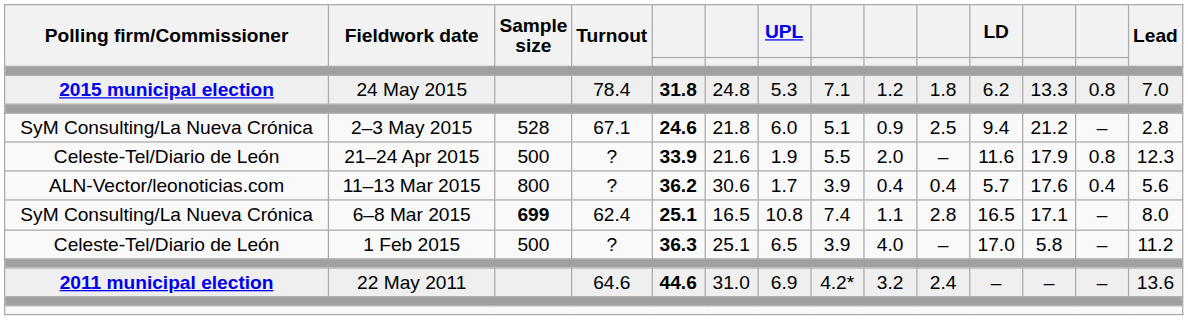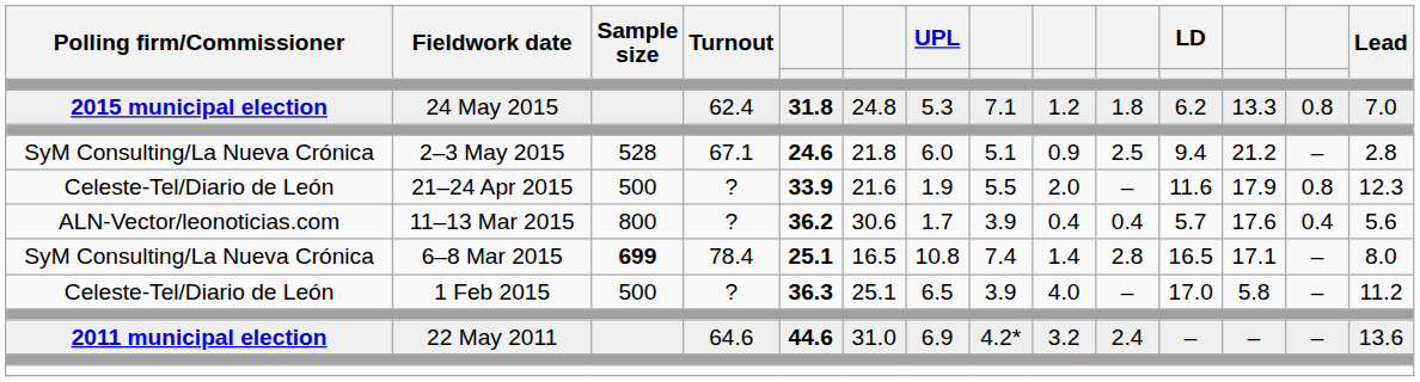 <table class="wikitable collapsible collapsed" style="text-align:center; font-size:95%; line-height:16px;">
 <tr style="height:42px;">
 <th style="width:250px;" rowspan="2">Polling firm/Commissioner</th>
 <th style="width:125px;" rowspan="2">Fieldwork date</th>
 <th style="width:50px;" rowspan="2">Sample size</th>
 <th style="width:45px;" rowspan="2">Turnout</th>
 <th style="width:35px;"></th>
 <th style="width:35px;"></th>
 <th style="width:35px;"><a href='#'>UPL</a></th>
 <th style="width:35px;"></th>
 <th style="width:35px;"></th>
 <th style="width:35px;"></th>
 <th style="width:35px;">LD</th>
 <th style="width:35px;"></th>
 <th style="width:35px;"></th>
 <th style="width:30px;" rowspan="2">Lead</th>
 </tr>
 <tr>
 <th style="color:inherit;background:"></th>
 <th style="color:inherit;background:"></th>
 <th style="color:inherit;background:"></th>
 <th style="color:inherit;background:"></th>
 <th style="color:inherit;background:"></th>
 <th style="color:inherit;background:"></th>
 <th style="color:inherit;background:"></th>
 <th style="color:inherit;background:"></th>
 <th style="color:inherit;background:"></th>
 </tr>
 <tr>
 <td colspan="14" style="background:#A0A0A0"></td>
 </tr>
 <tr style="background:#EFEFEF;">
 <td><strong><a href='#'>2015 municipal election</a></strong></td>
 <td>24 May 2015</td>
 <td></td>
-<td>78.4</td>
+<td>62.4</td>
 <td><strong>31.8</strong><br></td>
 <td>24.8<br></td>
 <td>5.3<br></td>
 <td>7.1<br></td>
 <td>1.2<br></td>
 <td>1.8<br></td>
 <td>6.2<br></td>
 <td>13.3<br></td>
 <td>0.8<br></td>
 <td style="background:">7.0</td>
 </tr>
 <tr>
 <td colspan="14" style="background:#A0A0A0"></td>
 </tr>
 <tr>
 <td>SyM Consulting/La Nueva Crónica</td>
 <td>2–3 May 2015</td>
 <td>528</td>
 <td>67.1</td>
 <td><strong>24.6</strong><br></td>
 <td>21.8<br></td>
 <td>6.0<br></td>
 <td>5.1<br></td>
 <td>0.9<br></td>
 <td>2.5<br></td>
 <td>9.4<br></td>
 <td>21.2<br></td>
 <td>–</td>
 <td style="background:">2.8</td>
 </tr>
 <tr>
 <td>Celeste-Tel/Diario de León</td>
 <td>21–24 Apr 2015</td>
 <td>500</td>
 <td>?</td>
 <td><strong>33.9</strong><br></td>
 <td>21.6<br></td>
 <td>1.9<br></td>
 <td>5.5<br></td>
 <td>2.0<br></td>
 <td>–</td>
 <td>11.6<br></td>
 <td>17.9<br></td>
 <td>0.8<br></td>
 <td style="background:">12.3</td>
 </tr>
 <tr>
 <td>ALN-Vector/leonoticias.com</td>
 <td>11–13 Mar 2015</td>
 <td>800</td>
 <td>?</td>
 <td><strong>36.2</strong><br></td>
 <td>30.6<br></td>
 <td>1.7<br></td>
 <td>3.9<br></td>
 <td>0.4<br></td>
 <td>0.4<br></td>
 <td>5.7<br></td>
 <td>17.6<br></td>
 <td>0.4<br></td>
 <td style="background:">5.6</td>
 </tr>
 <tr>
 <td>SyM Consulting/La Nueva Crónica</td>
 <td>6–8 Mar 2015</td>
 <td><strong>699</strong></td>
-<td>62.4</td>
+<td>78.4</td>
 <td><strong>25.1</strong><br></td>
 <td>16.5<br></td>
 <td>10.8<br></td>
 <td>7.4<br></td>
-<td>1.1<br></td>
+<td>1.4<br></td>
 <td>2.8<br></td>
 <td>16.5<br></td>
 <td>17.1<br></td>
 <td>–</td>
 <td style="background:">8.0</td>
 </tr>
 <tr>
 <td>Celeste-Tel/Diario de León</td>
 <td>1 Feb 2015</td>
 <td>500</td>
 <td>?</td>
 <td><strong>36.3</strong><br></td>
 <td>25.1<br></td>
 <td>6.5<br></td>
 <td>3.9<br></td>
 <td>4.0<br></td>
 <td>–</td>
 <td>17.0<br></td>
 <td>5.8<br></td>
 <td>–</td>
 <td style="background:">11.2</td>
 </tr>
 <tr>
 <td colspan="14" style="background:#A0A0A0"></td>
 </tr>
 <tr style="background:#EFEFEF;">
 <td><strong><a href='#'>2011 municipal election</a></strong></td>
 <td>22 May 2011</td>
 <td></td>
 <td>64.6</td>
 <td><strong>44.6</strong><br></td>
 <td>31.0<br></td>
 <td>6.9<br></td>
 <td>4.2*<br></td>
 <td>3.2<br></td>
 <td>2.4<br></td>
 <td>–</td>
 <td>–</td>
 <td>–</td>
 <td style="background:">13.6</td>
 </tr>
 <tr>
 <td colspan="14" style="background:#A0A0A0"></td>
 </tr>
 <tr>
 <td align="left" colspan="14"></td>
 </tr>
 </table>
